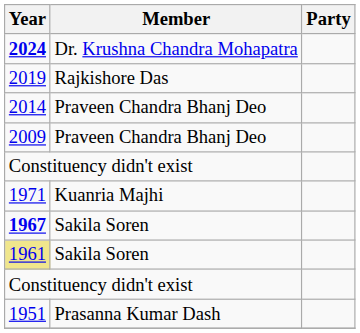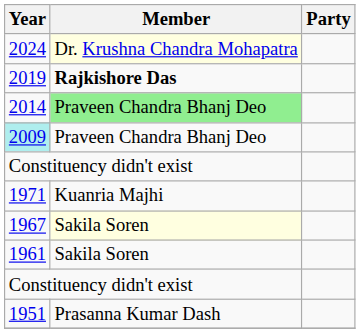 <table class="wikitable sortable">
 <tr>
 <th>Year</th>
 <th>Member</th>
 <th colspan=2>Party</th>
 </tr>
 <tr>
-<td><strong><a href='#'>2024</a></strong></td>
-<td>Dr. <a href='#'>Krushna Chandra Mohapatra</a></td>
+<td><a href='#'>2024</a></td>
+<td style="background: lightyellow;">Dr. <a href='#'>Krushna Chandra Mohapatra</a></td>
 <td></td>
 </tr>
 <tr>
 <td><a href='#'>2019</a></td>
-<td>Rajkishore Das</td>
+<td><strong>Rajkishore Das</strong></td>
 <td></td>
 </tr>
 <tr>
 <td><a href='#'>2014</a></td>
-<td>Praveen Chandra Bhanj Deo</td>
+<td style="background: lightgreen;">Praveen Chandra Bhanj Deo</td>
 <td></td>
 </tr>
 <tr>
-<td><a href='#'>2009</a></td>
+<td style="background: paleturquoise;"><a href='#'>2009</a></td>
 <td>Praveen Chandra Bhanj Deo</td>
 <td></td>
 </tr>
 <tr>
 <td colspan="2">Constituency didn't exist</td>
 <td></td>
 </tr>
 <tr>
 <td><a href='#'>1971</a></td>
 <td>Kuanria Majhi</td>
 <td></td>
 </tr>
 <tr>
-<td><strong><a href='#'>1967</a></strong></td>
-<td>Sakila Soren</td>
+<td><a href='#'>1967</a></td>
+<td style="background: lightyellow;">Sakila Soren</td>
 <td></td>
 </tr>
 <tr>
-<td style="background: khaki;"><a href='#'>1961</a></td>
+<td><a href='#'>1961</a></td>
 <td>Sakila Soren</td>
 <td></td>
 </tr>
 <tr>
 <td colspan="2">Constituency didn't exist</td>
 <td></td>
 </tr>
 <tr>
 <td><a href='#'>1951</a></td>
 <td>Prasanna Kumar Dash</td>
 <td></td>
 </tr>
 <tr>
 </tr>
 </table>
